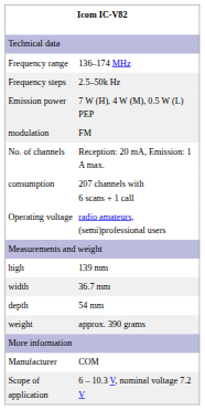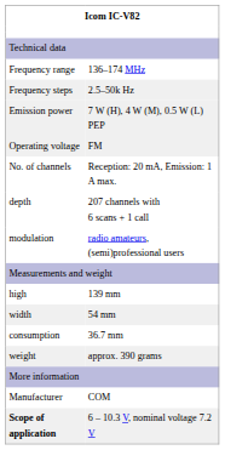 <table border="0" cellpadding="4" cellspacing="0" style="float:right; margin:0 0 .5em 1em; width:290px; background:#fff; border-collapse:collapse; border:1px solid #999; font-size:smaller; line-height:1.5;" summary="Infobox HRM-7000">
 <tr>
 <th colspan="2">Icom IC-V82</th>
 </tr>
 <tr>
 <td colspan="2"></td>
 </tr>
 <tr>
 <th colspan="2"></th>
 </tr>
 <tr>
 <th colspan="2" style="text-align:left; font-weight:normal; background:#bbd;">Technical data</th>
 </tr>
 <tr style="vertical-align:top;">
 <td>Frequency range</td>
 <td>136–174 <a href='#'>MHz</a></td>
 </tr>
 <tr style="vertical-align:top; background:#f0f0f0;">
 <td>Frequency steps</td>
 <td>2.5–50k Hz</td>
 </tr>
 <tr style="vertical-align:top; background:#f0f0f0;">
 <td>Emission power</td>
 <td>7 W (H), 4 W (M), 0.5 W (L) PEP</td>
 </tr>
 <tr style="vertical-align:top; background:#f0f0f0;">
-<td>modulation</td>
+<td>Operating voltage</td>
 <td>FM</td>
 </tr>
 <tr style="vertical-align:top;">
 <td>No. of channels</td>
 <td>Reception: 20 mA, Emission: 1 A max.</td>
 </tr>
 <tr style="vertical-align:top;">
-<td>consumption</td>
+<td>depth</td>
 <td>207 channels with<br>6 scans + 1 call</td>
 </tr>
 <tr style="vertical-align:top;">
-<td>Operating voltage</td>
+<td>modulation</td>
 <td><a href='#'>radio amateurs</a>, (semi)professional users</td>
 </tr>
 <tr style="vertical-align:top;">
 <th colspan="2" style="text-align:left; font-weight:normal; background:#bbd;">Measurements and weight</th>
 </tr>
 <tr style="vertical-align:top;">
 <td>high</td>
 <td>139 mm</td>
 </tr>
 <tr style="vertical-align:top; background:#f0f0f0;">
 <td>width</td>
-<td>36.7 mm</td>
+<td>54 mm</td>
 </tr>
 <tr style="vertical-align:top;">
-<td>depth</td>
-<td>54 mm</td>
+<td>consumption</td>
+<td>36.7 mm</td>
 </tr>
 <tr style="vertical-align:top; background:#f0f0f0;">
 <td>weight</td>
 <td>approx. 390 grams</td>
 </tr>
 <tr>
 <th colspan="2" style="text-align:left; font-weight:normal; background:#bbd;">More information</th>
 </tr>
 <tr style="vertical-align:top;">
 <td>Manufacturer</td>
 <td>COM</td>
 </tr>
 <tr style="vertical-align:top; background:#f0f0f0;">
-<td>Scope of application</td>
+<td><strong>Scope of application</strong></td>
 <td>6 – 10.3 <a href='#'>V</a>, nominal voltage 7.2 <a href='#'>V</a></td>
 </tr>
 </table>
